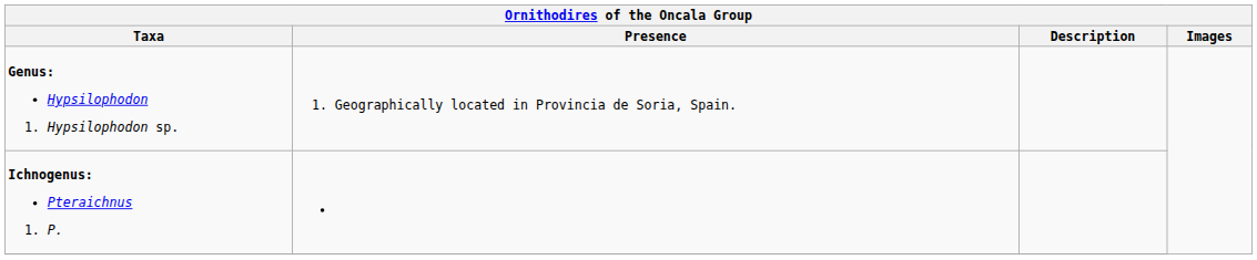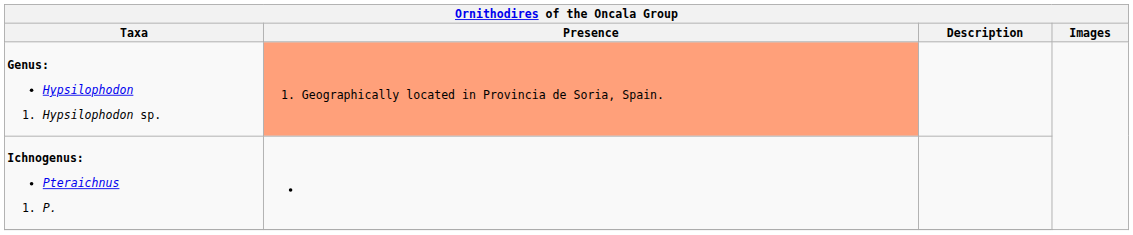 <table class="wikitable" align="center" width="100%">
 <tr>
 <th colspan="5" align="center"><strong><a href='#'>Ornithodires</a> of the Oncala Group</strong></th>
 </tr>
 <tr>
 <th>Taxa</th>
 <th>Presence</th>
 <th>Description</th>
 <th>Images</th>
 </tr>
 <tr>
 <td><br><strong>Genus:</strong><ul><li><em><a href='#'>Hypsilophodon</a></em></li></ul><ol><li><em>Hypsilophodon</em> sp.</li></ol></td>
-<td><br><ol><li>Geographically located in Provincia de Soria, Spain.</li></ol></td>
+<td style="background: lightsalmon;"><br><ol><li>Geographically located in Provincia de Soria, Spain.</li></ol></td>
 <td></td>
 <td rowspan="99"><br> </td>
 </tr>
 <tr>
 <td><br><strong>Ichnogenus:</strong><ul><li><em><a href='#'>Pteraichnus</a></em></li></ul><ol><li><em>P.</em></li></ol></td>
 <td><br><ul><li></li></ul></td>
 <td></td>
 </tr>
 <tr>
 </tr>
 </table>
